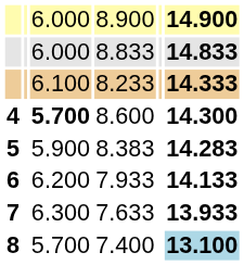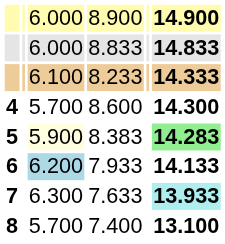 <table>
 <tr style="background:#fffcaf;">
 <th scope=row style="text-align:center"></th>
 <td style="text-align:left;"></td>
 <td>6.000</td>
 <td>8.900</td>
 <td></td>
 <td><strong>14.900</strong></td>
 </tr>
 <tr style="background:#e5e5e5;">
 <th scope=row style="text-align:center"></th>
 <td style="text-align:left;"></td>
 <td>6.000</td>
 <td>8.833</td>
 <td></td>
 <td><strong>14.833</strong></td>
 </tr>
 <tr style="background:#ec9;">
 <th scope=row style="text-align:center"></th>
 <td style="text-align:left;"></td>
 <td>6.100</td>
 <td>8.233</td>
 <td></td>
 <td><strong>14.333</strong></td>
 </tr>
 <tr>
 <th scope=row style="text-align:center">4</th>
 <td style="text-align:left;"></td>
-<td><strong>5.700</strong></td>
+<td>5.700</td>
 <td>8.600</td>
 <td></td>
 <td><strong>14.300</strong></td>
 </tr>
 <tr>
 <th scope=row style="text-align:center">5</th>
 <td style="text-align:left;"></td>
-<td>5.900</td>
+<td style="background: lightyellow;">5.900</td>
 <td>8.383</td>
 <td></td>
-<td><strong>14.283</strong></td>
+<td style="background: lightgreen;"><strong>14.283</strong></td>
 </tr>
 <tr>
 <th scope=row style="text-align:center">6</th>
 <td style="text-align:left;"></td>
-<td>6.200</td>
+<td style="background: lightblue;">6.200</td>
 <td>7.933</td>
 <td></td>
 <td><strong>14.133</strong></td>
 </tr>
 <tr>
 <th scope=row style="text-align:center">7</th>
 <td style="text-align:left;"></td>
 <td>6.300</td>
 <td>7.633</td>
 <td></td>
-<td><strong>13.933</strong></td>
+<td style="background: paleturquoise;"><strong>13.933</strong></td>
 </tr>
 <tr>
 <th scope=row style="text-align:center">8</th>
 <td style="text-align:left;"></td>
 <td>5.700</td>
 <td>7.400</td>
 <td></td>
-<td style="background: lightblue;"><strong>13.100</strong></td>
+<td><strong>13.100</strong></td>
 </tr>
 </table>
